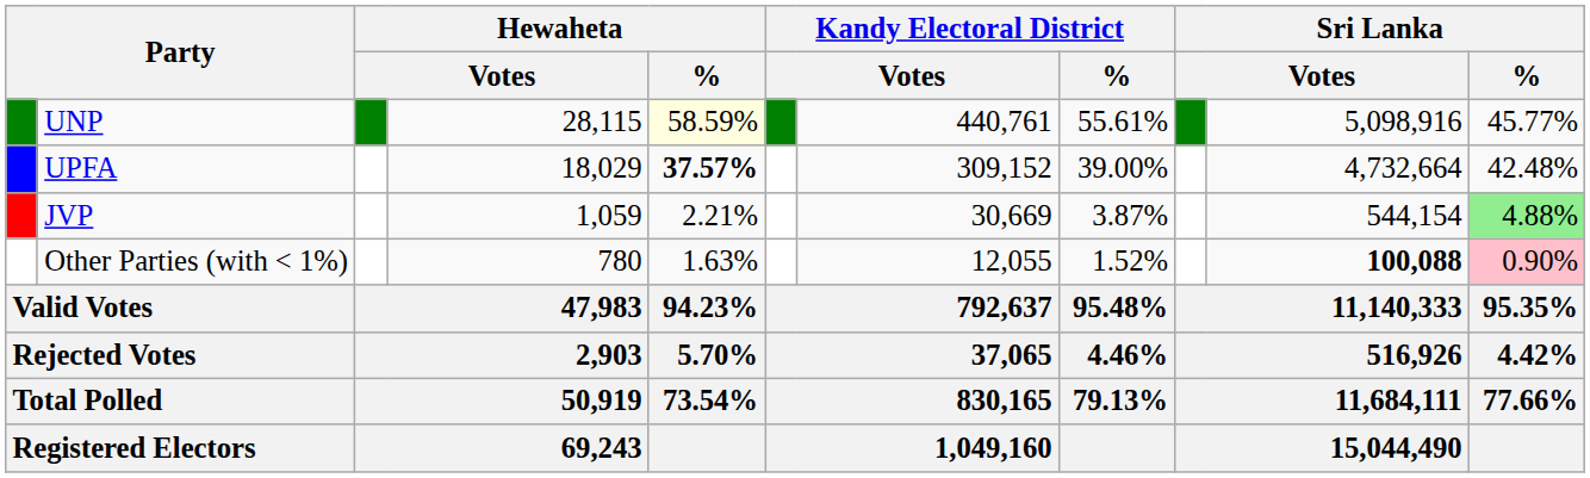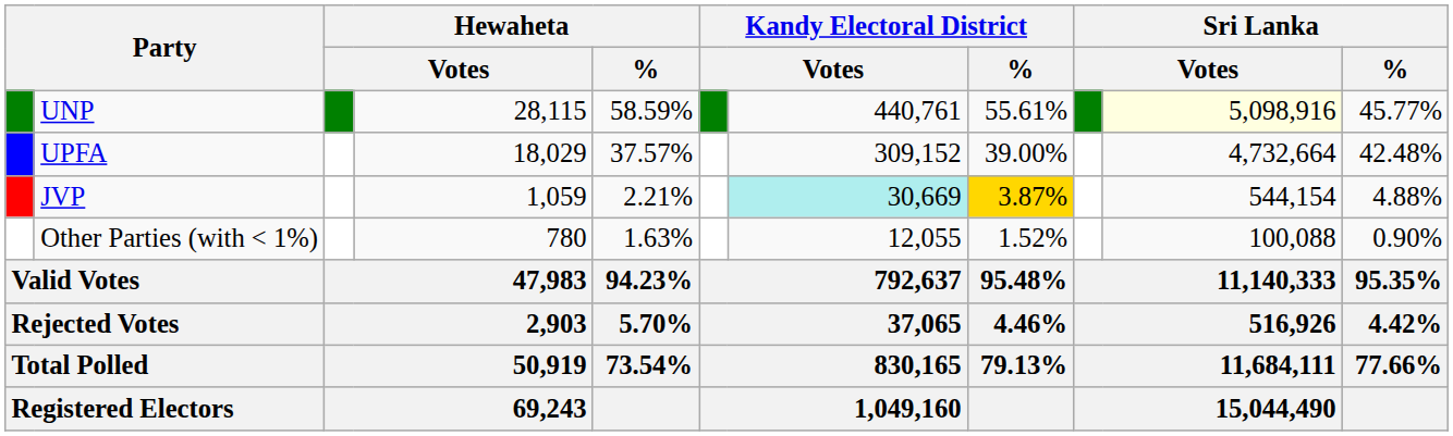 <table class="wikitable">
 <tr>
 <th colspan="2" width="144px"rowspan="2">Party</th>
 <th colspan="3" width="216px">Hewaheta</th>
 <th colspan="3" width="216px"><a href='#'>Kandy Electoral District</a></th>
 <th colspan="3" width="216px">Sri Lanka</th>
 </tr>
 <tr>
 <th colspan="2" width="144px">Votes</th>
 <th>%</th>
 <th colspan="2" width="144px">Votes</th>
 <th>%</th>
 <th colspan="2" width="144px">Votes</th>
 <th>%</th>
 </tr>
 <tr>
 <td style="background-color:green;" width="10px"></td>
 <td style="text-align:left;"><a href='#'>UNP</a></td>
 <td style="background-color:green;" width="10px"></td>
 <td style="text-align:right;">28,115</td>
-<td style="background: lightyellow; text-align:right;">58.59%</td>
+<td style="text-align:right;">58.59%</td>
 <td style="background-color:green;" width="10px"></td>
 <td style="text-align:right;">440,761</td>
 <td style="text-align:right;">55.61%</td>
 <td style="background-color:green;" width="10px"></td>
-<td style="text-align:right;">5,098,916</td>
+<td style="background: lightyellow; text-align:right;">5,098,916</td>
 <td style="text-align:right;">45.77%</td>
 </tr>
 <tr>
 <td style="background-color:blue;" width="10px"></td>
 <td style="text-align:left;"><a href='#'>UPFA</a></td>
 <td style="background-color:white;" width="10px"></td>
 <td style="text-align:right;">18,029</td>
-<td style="text-align:right;"><strong>37.57%</strong></td>
+<td style="text-align:right;">37.57%</td>
 <td style="background-color:white;" width="10px"></td>
 <td style="text-align:right;">309,152</td>
 <td style="text-align:right;">39.00%</td>
 <td style="background-color:white;" width="10px"></td>
 <td style="text-align:right;">4,732,664</td>
 <td style="text-align:right;">42.48%</td>
 </tr>
 <tr>
 <td style="background-color:red;" width="10px"></td>
 <td style="text-align:left;"><a href='#'>JVP</a></td>
 <td style="background-color:white;" width="10px"></td>
 <td style="text-align:right;">1,059</td>
 <td style="text-align:right;">2.21%</td>
 <td style="background-color:white;" width="10px"></td>
-<td style="text-align:right;">30,669</td>
-<td style="text-align:right;">3.87%</td>
+<td style="background: paleturquoise; text-align:right;">30,669</td>
+<td style="background: gold; text-align:right;">3.87%</td>
 <td style="background-color:white;" width="10px"></td>
 <td style="text-align:right;">544,154</td>
-<td style="background: lightgreen; text-align:right;">4.88%</td>
+<td style="text-align:right;">4.88%</td>
 </tr>
 <tr>
 <td style="background-color:white;" width="10px"></td>
 <td style="text-align:left;">Other Parties (with < 1%)</td>
 <td style="background-color:white;" width="10px"></td>
 <td style="text-align:right;">780</td>
 <td style="text-align:right;">1.63%</td>
 <td style="background-color:white;" width="10px"></td>
 <td style="text-align:right;">12,055</td>
 <td style="text-align:right;">1.52%</td>
 <td style="background-color:white;" width="10px"></td>
-<td style="text-align:right;"><strong>100,088</strong></td>
-<td style="background: pink; text-align:right;">0.90%</td>
+<td style="text-align:right;">100,088</td>
+<td style="text-align:right;">0.90%</td>
 </tr>
 <tr>
 <th colspan="2" width="144px"style="text-align:left;">Valid Votes</th>
 <th style="text-align:right;"colspan="2" width="144px">47,983</th>
 <th style="text-align:right;">94.23%</th>
 <th style="text-align:right;"colspan="2" width="144px">792,637</th>
 <th style="text-align:right;">95.48%</th>
 <th style="text-align:right;"colspan="2" width="144px">11,140,333</th>
 <th style="text-align:right;">95.35%</th>
 </tr>
 <tr>
 <th colspan="2" width="144px"style="text-align:left;">Rejected Votes</th>
 <th style="text-align:right;"colspan="2" width="144px">2,903</th>
 <th style="text-align:right;">5.70%</th>
 <th style="text-align:right;"colspan="2" width="144px">37,065</th>
 <th style="text-align:right;">4.46%</th>
 <th style="text-align:right;"colspan="2" width="144px">516,926</th>
 <th style="text-align:right;">4.42%</th>
 </tr>
 <tr>
 <th colspan="2" width="144px"style="text-align:left;">Total Polled</th>
 <th style="text-align:right;"colspan="2" width="144px">50,919</th>
 <th style="text-align:right;">73.54%</th>
 <th style="text-align:right;"colspan="2" width="144px">830,165</th>
 <th style="text-align:right;">79.13%</th>
 <th style="text-align:right;"colspan="2" width="144px">11,684,111</th>
 <th style="text-align:right;">77.66%</th>
 </tr>
 <tr>
 <th colspan="2" width="144px"style="text-align:left;">Registered Electors</th>
 <th style="text-align:right;"colspan="2" width="144px">69,243</th>
 <th></th>
 <th style="text-align:right;"colspan="2" width="144px">1,049,160</th>
 <th></th>
 <th style="text-align:right;"colspan="2" width="144px">15,044,490</th>
 <th></th>
 </tr>
 </table>
